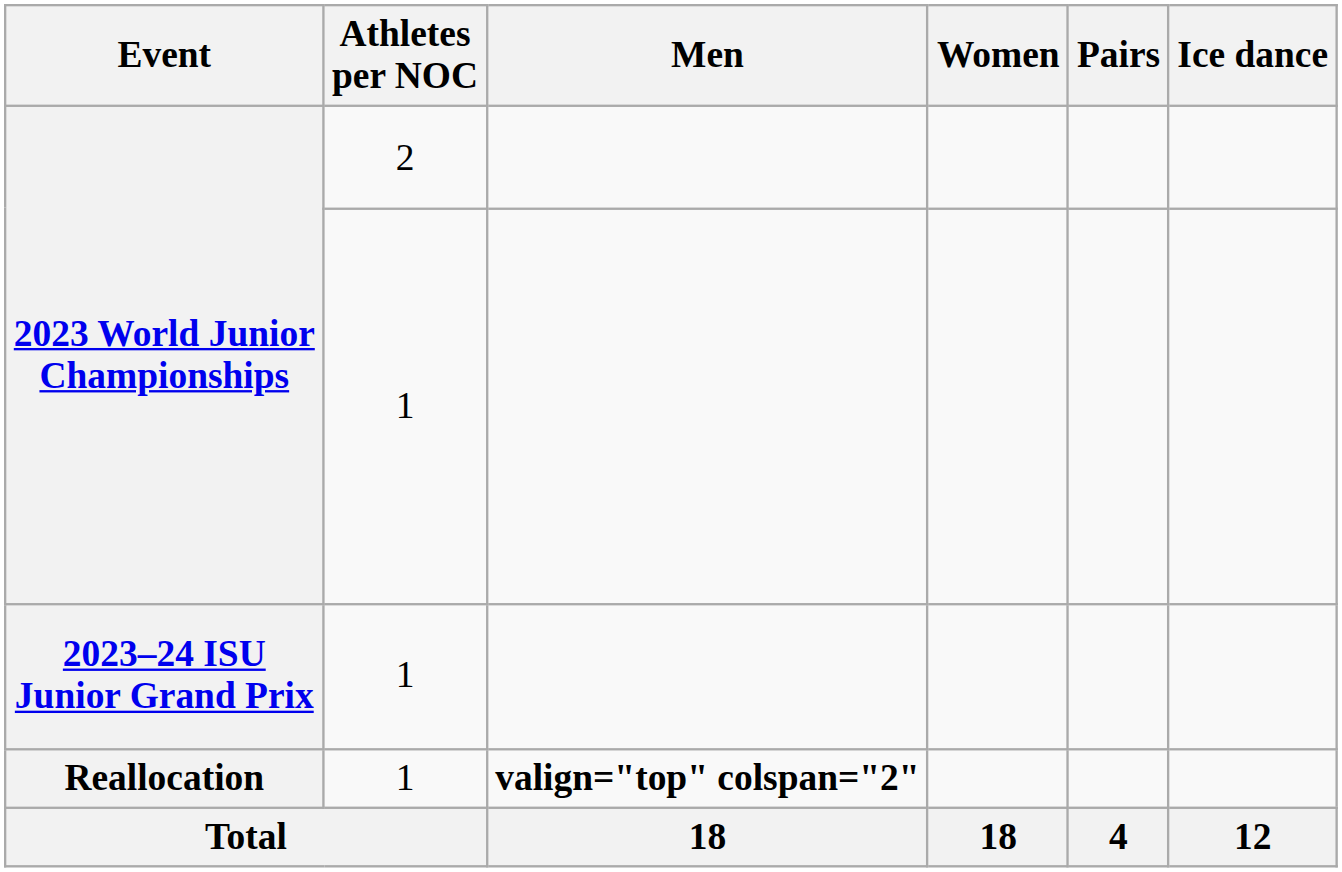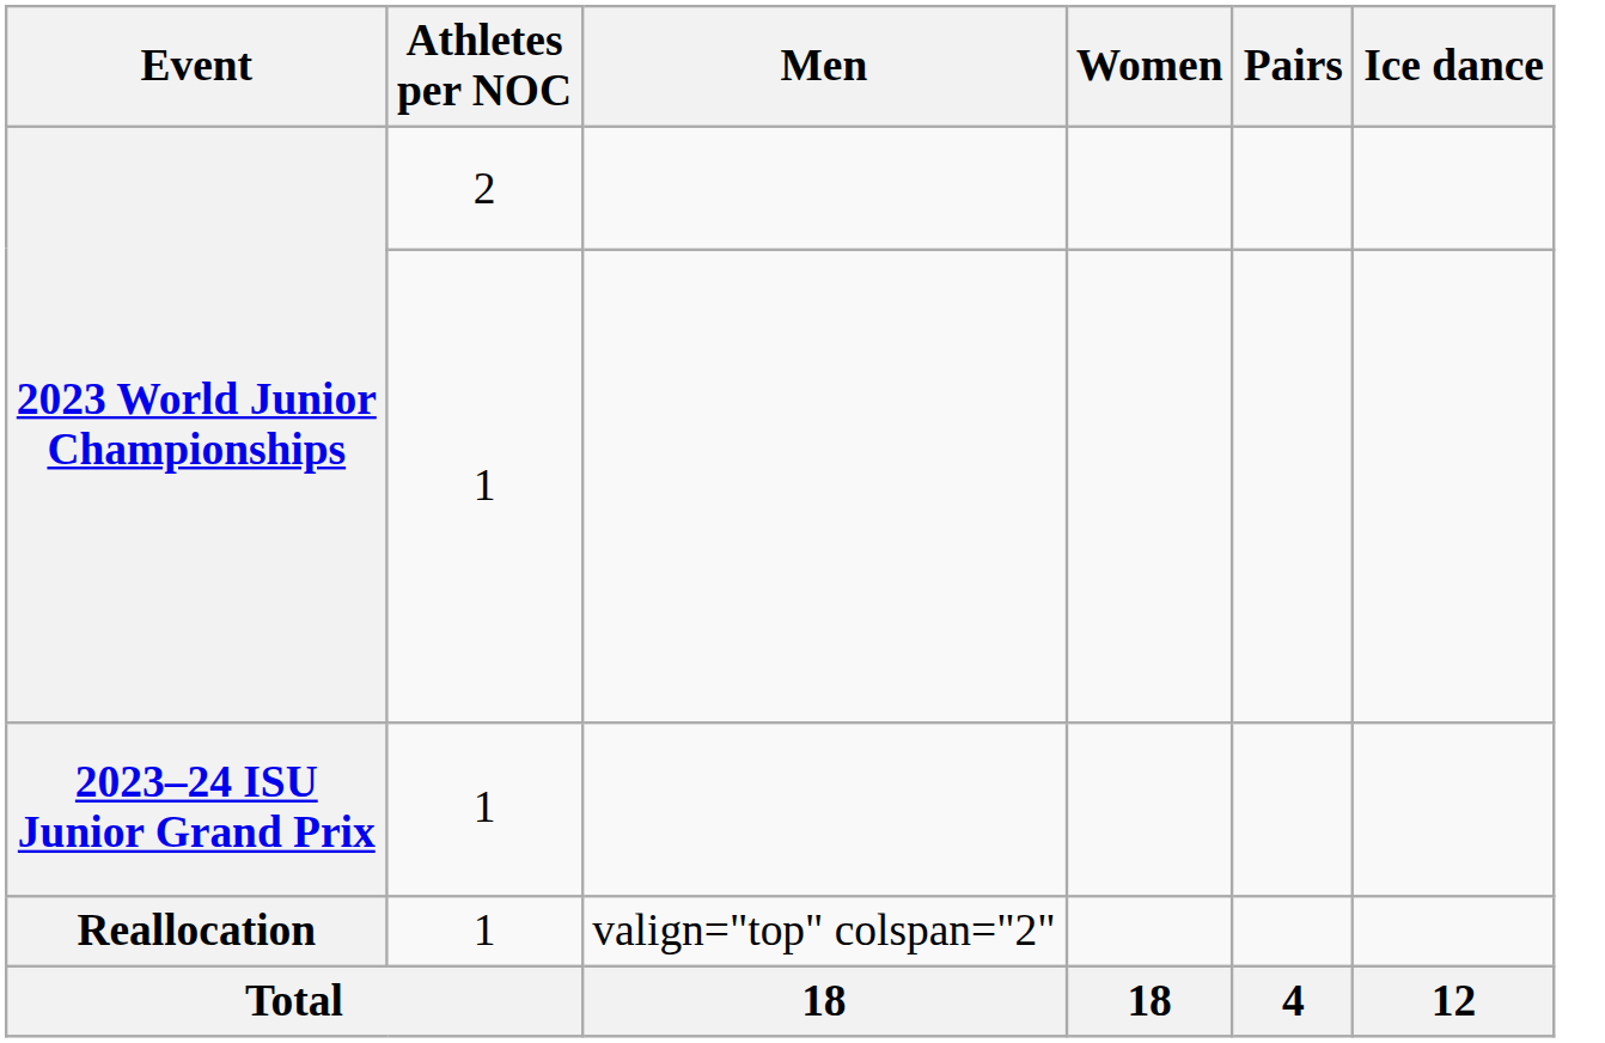 <table class="wikitable unsortable" style="text-align:left">
 <tr>
 <th scope="col">Event</th>
 <th scope="col">Athletes<br>per NOC</th>
 <th scope="col">Men</th>
 <th scope="col">Women</th>
 <th scope="col">Pairs</th>
 <th scope="col">Ice dance</th>
 </tr>
 <tr>
 <th scope="row" rowspan="2"><a href='#'>2023 World Junior<br>Championships</a></th>
 <td style="text-align:center">2</td>
 <td valign="top"><br></td>
 <td valign="top"><br></td>
 <td></td>
 <td valign="top"><br><br></td>
 </tr>
 <tr>
 <td style="text-align:center">1</td>
 <td valign="top"><br><br><br><br><br><br><br><br><br></td>
 <td valign="top"><br><br><br><br><br><br><br><br><br></td>
 <td valign="top"><br></td>
 <td valign="top"><br><br></td>
 </tr>
 <tr>
 <th scope="row"><a href='#'>2023–24 ISU<br>Junior Grand Prix</a></th>
 <td style="text-align:center">1</td>
 <td valign="top"><br><br><br></td>
 <td valign="top"><br><br><br></td>
 <td valign="top"><s></s><br></td>
 <td valign="top"><br><s></s><br></td>
 </tr>
 <tr>
 <th>Reallocation</th>
 <td style="text-align:center">1</td>
-<td><strong>valign="top" colspan="2" </strong></td>
+<td>valign="top" colspan="2" </td>
 <td valign="top"></td>
 <td valign="top"><br></td>
 </tr>
 <tr>
 <th colspan="2">Total</th>
 <th>18</th>
 <th>18</th>
 <th>4</th>
 <th>12</th>
 </tr>
 </table>
